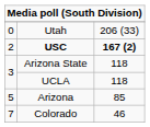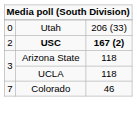 <table class="wikitable" style="display: inline-table;">
 <tr>
 <td align="center" Colspan="3"><strong>Media poll (South Division)</strong></td>
 </tr>
 <tr align="center">
 </tr>
 <tr align="center">
 <td>0</td>
 <td>Utah</td>
 <td>206 (33)</td>
 </tr>
 <tr align="center">
 <td>2</td>
 <td><strong>USC</strong></td>
 <td><strong>167 (2)</strong></td>
 </tr>
 <tr align="center">
 <td rowspan="2">3</td>
 <td>Arizona State</td>
 <td>118</td>
 </tr>
 <tr align="center">
 <td>UCLA</td>
 <td>118</td>
 </tr>
 <tr align="center">
-<td>5</td>
-<td>Arizona</td>
-<td>85</td>
-</tr>
-<tr align="center">
 <td>7</td>
 <td>Colorado</td>
 <td>46</td>
 </tr>
 </table>
